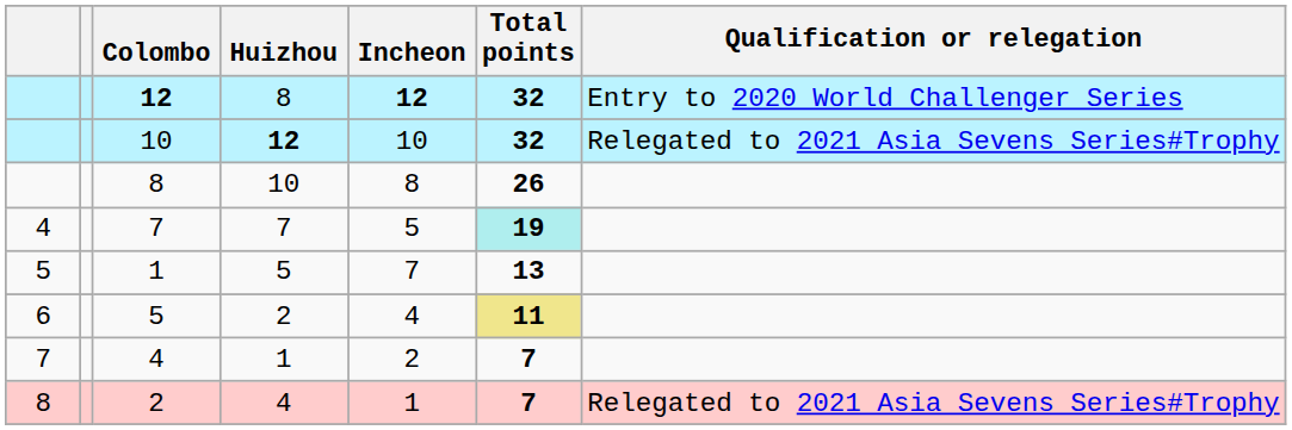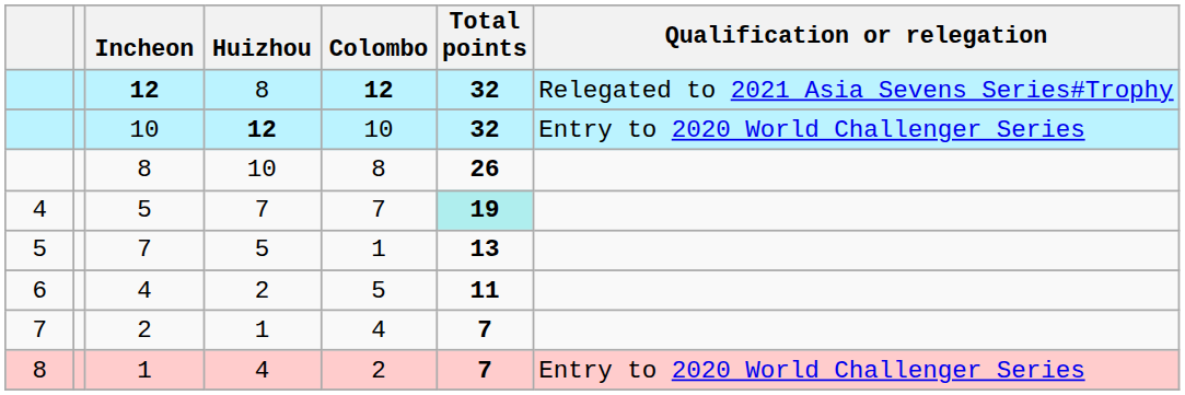 <table class="wikitable" style="text-align:center; margin-right:1px">
 <tr style="font-size:96%;">
 <th style="width:2.5em; padding:2px;"></th>
 <th></th>
+<th style="width:4.5em; vertical-align:top;"><br>Incheon</th>
+<th style="width:4.5em; vertical-align:top;"><br>Huizhou</th>
 <th style="width:4.5em; vertical-align:top; padding:2px;"><br>Colombo</th>
-<th style="width:4.5em; vertical-align:top;"><br>Huizhou</th>
-<th style="width:4.5em; vertical-align:top;"><br>Incheon</th>
 <th style="width:3.0em;">Total points</th>
 <th>Qualification or relegation</th>
 </tr>
 <tr style="background:#BBF3FF;">
 <td></td>
 <td align=left></td>
 <td><strong>12</strong></td>
 <td>8</td>
 <td><strong>12</strong></td>
 <td><strong>32</strong></td>
-<td align=left>Entry to <a href='#'>2020 World Challenger Series</a></td>
+<td align=left>Relegated to <a href='#'>2021 Asia Sevens Series#Trophy</a></td>
 </tr>
 <tr style="background:#BBF3FF;">
 <td></td>
 <td align=left></td>
 <td>10</td>
 <td><strong>12</strong></td>
 <td>10</td>
 <td><strong>32</strong></td>
-<td align=left>Relegated to <a href='#'>2021 Asia Sevens Series#Trophy</a></td>
+<td align=left>Entry to <a href='#'>2020 World Challenger Series</a></td>
 </tr>
 <tr>
 <td></td>
 <td align=left></td>
 <td>8</td>
 <td>10</td>
 <td>8</td>
 <td><strong>26</strong></td>
 <td align=left></td>
 </tr>
 <tr>
 <td>4</td>
 <td align=left></td>
+<td>5</td>
 <td>7</td>
 <td>7</td>
-<td>5</td>
 <td style="background: paleturquoise;"><strong>19</strong></td>
 <td align=left></td>
 </tr>
 <tr>
 <td>5</td>
 <td align=left></td>
+<td>7</td>
+<td>5</td>
 <td>1</td>
-<td>5</td>
-<td>7</td>
 <td><strong>13</strong></td>
 <td align=left></td>
 </tr>
 <tr>
 <td>6</td>
 <td align=left></td>
+<td>4</td>
+<td>2</td>
 <td>5</td>
-<td>2</td>
-<td>4</td>
-<td style="background: khaki;"><strong>11</strong></td>
+<td><strong>11</strong></td>
 <td align=left></td>
 </tr>
 <tr>
 <td>7</td>
 <td align=left></td>
+<td>2</td>
+<td>1</td>
 <td>4</td>
-<td>1</td>
-<td>2</td>
 <td><strong>7</strong></td>
 <td align=left></td>
 </tr>
 <tr bgcolor=ffcccc>
 <td>8</td>
 <td align=left></td>
+<td>1</td>
+<td>4</td>
 <td>2</td>
-<td>4</td>
-<td>1</td>
 <td><strong>7</strong></td>
-<td align=left>Relegated to <a href='#'>2021 Asia Sevens Series#Trophy</a></td>
+<td align=left>Entry to <a href='#'>2020 World Challenger Series</a></td>
 </tr>
 </table>
